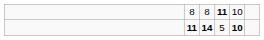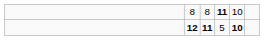 <table class="wikitable">
 <tr>
 <td style="width:18em"></td>
 <td align=center style="width:1em">8</td>
 <td align=center style="width:1em">8</td>
 <td align=center style="width:1em"><strong>11</strong></td>
 <td align=center style="width:1em">10</td>
 <td align=center style="width:1em"></td>
 </tr>
 <tr>
 <td style="width:18em"></td>
+<td align=center style="width:1em"><strong>12</strong></td>
 <td align=center style="width:1em"><strong>11</strong></td>
-<td align=center style="width:1em"><strong>14</strong></td>
 <td align=center style="width:1em">5</td>
 <td align=center style="width:1em"><strong>10</strong></td>
 <td align=center style="width:1em"></td>
 </tr>
 </table>
